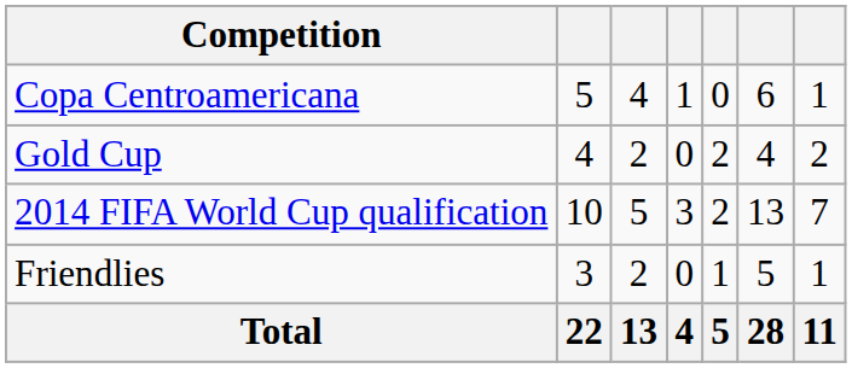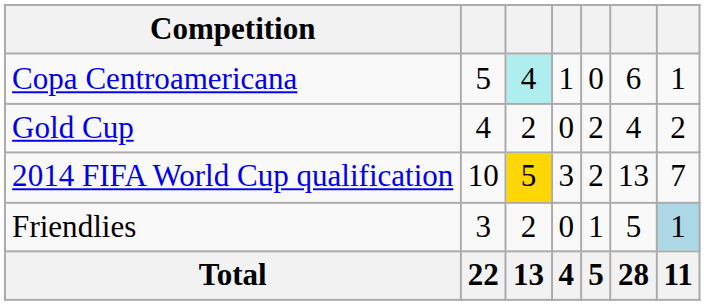 <table class="wikitable">
 <tr>
 <th>Competition</th>
 <th></th>
 <th></th>
 <th></th>
 <th></th>
 <th></th>
 <th></th>
 </tr>
 <tr align="center">
 <td align="left"><a href='#'>Copa Centroamericana</a></td>
 <td>5</td>
-<td>4</td>
+<td style="background: paleturquoise;">4</td>
 <td>1</td>
 <td>0</td>
 <td>6</td>
 <td>1</td>
 </tr>
 <tr align="center">
 <td align="left"><a href='#'>Gold Cup</a></td>
 <td>4</td>
 <td>2</td>
 <td>0</td>
 <td>2</td>
 <td>4</td>
 <td>2</td>
 </tr>
 <tr align="center">
 <td align="left"><a href='#'>2014 FIFA World Cup qualification</a></td>
 <td>10</td>
-<td>5</td>
+<td style="background: gold;">5</td>
 <td>3</td>
 <td>2</td>
 <td>13</td>
 <td>7</td>
 </tr>
 <tr align="center">
 <td align="left">Friendlies</td>
 <td>3</td>
 <td>2</td>
 <td>0</td>
 <td>1</td>
 <td>5</td>
-<td>1</td>
+<td style="background: lightblue;">1</td>
 </tr>
 <tr align="center">
 <th align="left"><strong>Total</strong></th>
 <th>22</th>
 <th>13</th>
 <th>4</th>
 <th>5</th>
 <th>28</th>
 <th>11</th>
 </tr>
 </table>
